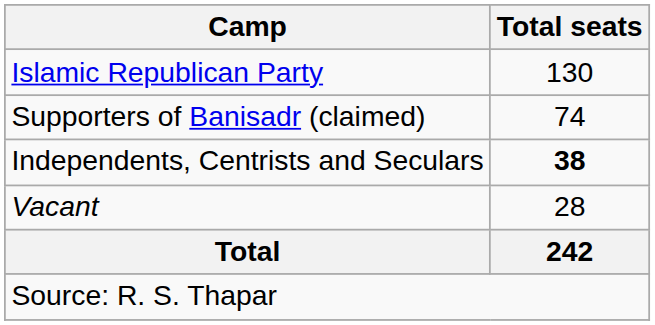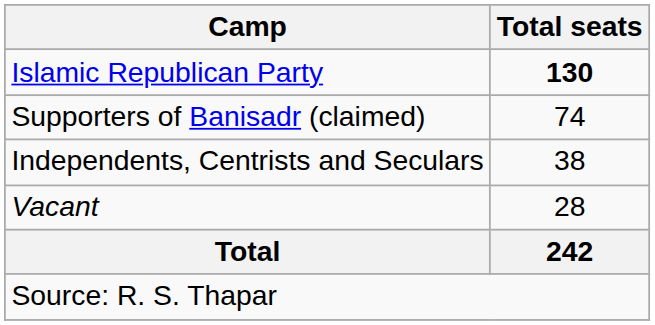 <table class=wikitable style=text-align:center>
 <tr>
 <th>Camp</th>
 <th>Total seats</th>
 </tr>
 <tr>
 <td align=left><a href='#'>Islamic Republican Party</a></td>
-<td>130</td>
+<td><strong>130</strong></td>
 </tr>
 <tr>
 <td align=left>Supporters of <a href='#'>Banisadr</a> (claimed)</td>
 <td>74</td>
 </tr>
 <tr>
 <td align=left>Independents, Centrists and Seculars</td>
-<td><strong>38</strong></td>
+<td>38</td>
 </tr>
 <tr>
 <td align=left><em>Vacant</em></td>
 <td>28</td>
 </tr>
 <tr>
 <th align=left>Total</th>
 <th>242</th>
 </tr>
 <tr>
 <td colspan=4 align=left>Source: R. S. Thapar</td>
 </tr>
 </table>
